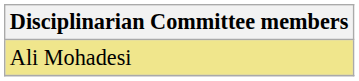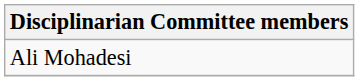 <table class="wikitable">
 <tr>
 <th>Disciplinarian Committee members</th>
 </tr>
 <tr>
-<td style="background: khaki;"> Ali Mohadesi</td>
+<td> Ali Mohadesi</td>
 </tr>
 <tr>
 </tr>
 </table>
